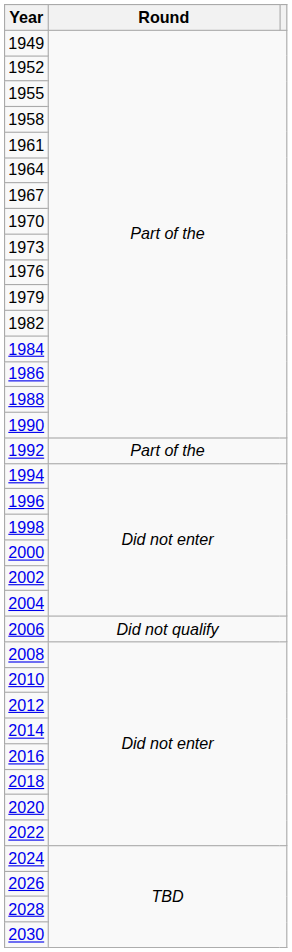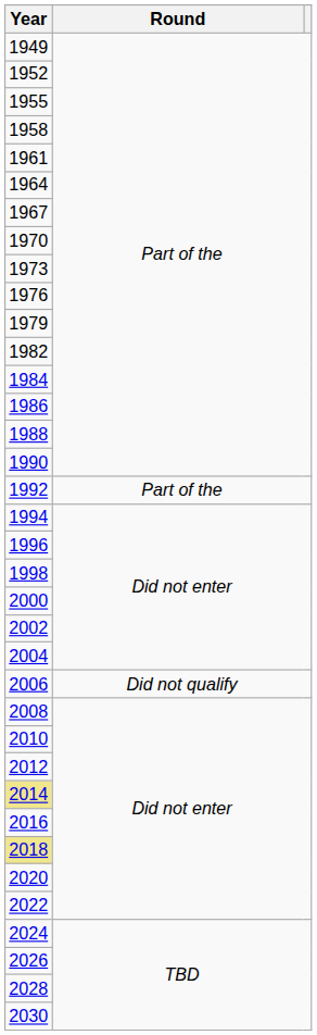 <table class="wikitable" style="text-align: center; font-size:90%">
 <tr>
 <th>Year</th>
 <th style="width:200px">Round</th>
 <th></th>
 </tr>
 <tr>
 <td>1949</td>
 <td colspan="2" rowspan="16"><em>Part of the </em></td>
 </tr>
 <tr>
 <td>1952</td>
 </tr>
 <tr>
 <td>1955</td>
 </tr>
 <tr>
 <td>1958</td>
 </tr>
 <tr>
 <td>1961</td>
 </tr>
 <tr>
 <td>1964</td>
 </tr>
 <tr>
 <td>1967</td>
 </tr>
 <tr>
 <td>1970</td>
 </tr>
 <tr>
 <td>1973</td>
 </tr>
 <tr>
 <td>1976</td>
 </tr>
 <tr>
 <td>1979</td>
 </tr>
 <tr>
 <td>1982</td>
 </tr>
 <tr>
 <td><a href='#'>1984</a></td>
 </tr>
 <tr>
 <td><a href='#'>1986</a></td>
 </tr>
 <tr>
 <td><a href='#'>1988</a></td>
 </tr>
 <tr>
 <td><a href='#'>1990</a></td>
 </tr>
 <tr>
 <td><a href='#'>1992</a></td>
 <td colspan="2"><em>Part of the </em></td>
 </tr>
 <tr>
 <td><a href='#'>1994</a></td>
 <td colspan="2" rowspan="6"><em>Did not enter</em></td>
 </tr>
 <tr>
 <td><a href='#'>1996</a></td>
 </tr>
 <tr>
 <td><a href='#'>1998</a></td>
 </tr>
 <tr>
 <td><a href='#'>2000</a></td>
 </tr>
 <tr>
 <td><a href='#'>2002</a></td>
 </tr>
 <tr>
 <td><a href='#'>2004</a></td>
 </tr>
 <tr>
 <td><a href='#'>2006</a></td>
 <td colspan="2"><em>Did not qualify</em></td>
 </tr>
 <tr>
 <td><a href='#'>2008</a></td>
 <td colspan="2" rowspan="8"><em>Did not enter</em></td>
 </tr>
 <tr>
 <td><a href='#'>2010</a></td>
 </tr>
 <tr>
 <td><a href='#'>2012</a></td>
 </tr>
 <tr>
-<td><a href='#'>2014</a></td>
+<td style="background: khaki;"><a href='#'>2014</a></td>
 </tr>
 <tr>
 <td><a href='#'>2016</a></td>
 </tr>
 <tr>
-<td><a href='#'>2018</a></td>
+<td style="background: khaki;"><a href='#'>2018</a></td>
 </tr>
 <tr>
 <td><a href='#'>2020</a></td>
 </tr>
 <tr>
 <td><a href='#'>2022</a></td>
 </tr>
 <tr>
 <td><a href='#'>2024</a></td>
 <td colspan="2" rowspan="4"><em>TBD</em></td>
 </tr>
 <tr>
 <td><a href='#'>2026</a></td>
 </tr>
 <tr>
 <td><a href='#'>2028</a></td>
 </tr>
 <tr>
 <td><a href='#'>2030</a></td>
 </tr>
 </table>
